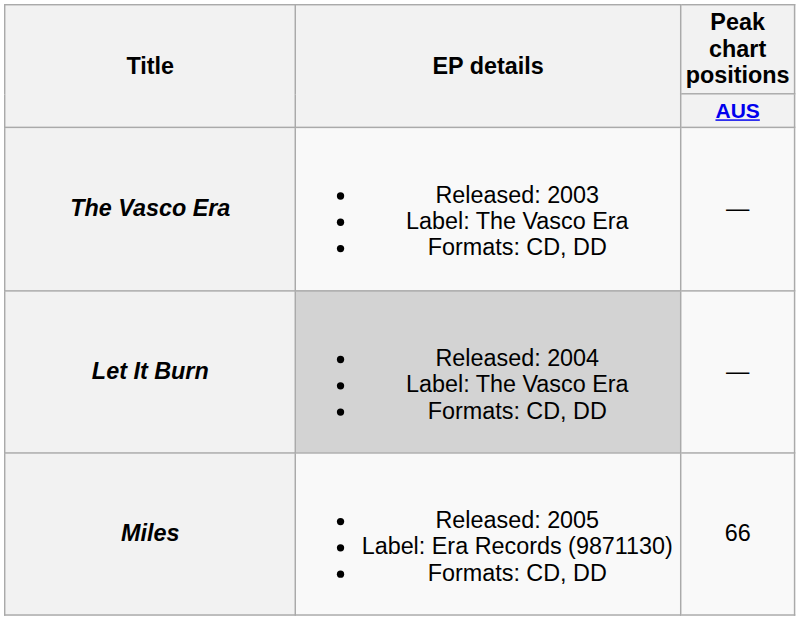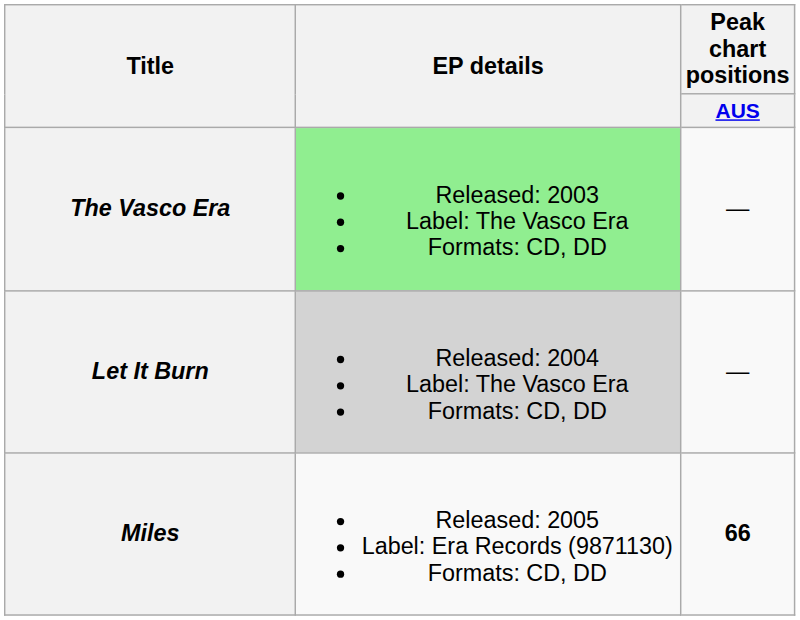 <table class="wikitable plainrowheaders" style="text-align:center;" border="1">
 <tr>
 <th scope="col" rowspan="2" style="width:12em;">Title</th>
 <th scope="col" rowspan="2" style="width:16em;">EP details</th>
 <th scope="col" colspan="1">Peak chart positions</th>
 </tr>
 <tr>
 <th scope="col" style="width:2.2em;font-size:90%;"><a href='#'>AUS</a><br></th>
 </tr>
 <tr>
 <th scope="row"><em>The Vasco Era</em></th>
-<td><br><ul><li>Released: 2003</li><li>Label: The Vasco Era</li><li>Formats: CD, DD</li></ul></td>
+<td style="background: lightgreen;"><br><ul><li>Released: 2003</li><li>Label: The Vasco Era</li><li>Formats: CD, DD</li></ul></td>
 <td>—</td>
 </tr>
 <tr>
 <th scope="row"><em>Let It Burn</em></th>
 <td style="background: lightgrey;"><br><ul><li>Released: 2004</li><li>Label: The Vasco Era</li><li>Formats: CD, DD</li></ul></td>
 <td>—</td>
 </tr>
 <tr>
 <th scope="row"><em>Miles</em></th>
 <td><br><ul><li>Released: 2005</li><li>Label: Era Records (9871130)</li><li>Formats: CD, DD</li></ul></td>
-<td>66</td>
+<td><strong>66</strong></td>
 </tr>
 </table>
